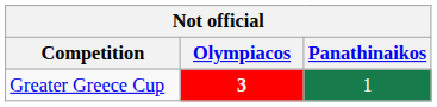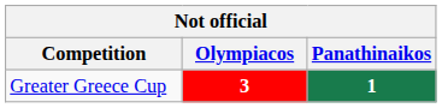 <table class="wikitable" style="text-align:center;font-size:95%">
 <tr>
 <th colspan=3>Not official</th>
 </tr>
 <tr>
 <th width="130">Competition</th>
 <th width="90"><a href='#'>Olympiacos</a></th>
 <th width="90"><a href='#'>Panathinaikos</a></th>
 </tr>
 <tr>
 <td align=left><a href='#'>Greater Greece Cup</a></td>
 <td style="color:#ffffff;background:#ff0000"><strong>3</strong></td>
-<td style="color:#ffffff;background:#187B4C">1</td>
+<td style="color:#ffffff;background:#187B4C"><strong>1</strong></td>
 </tr>
 </table>
